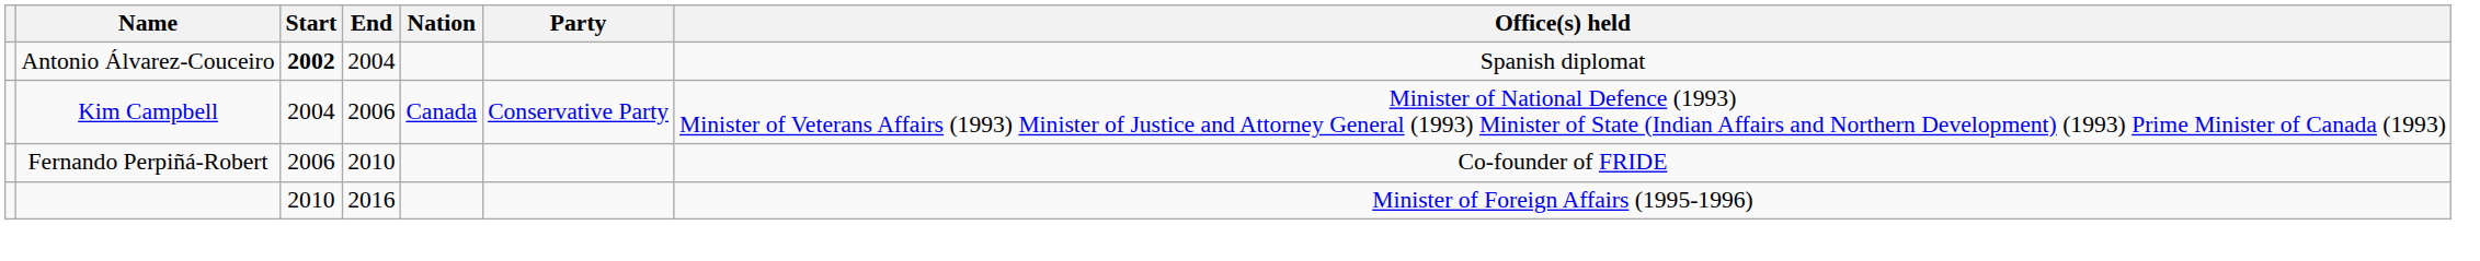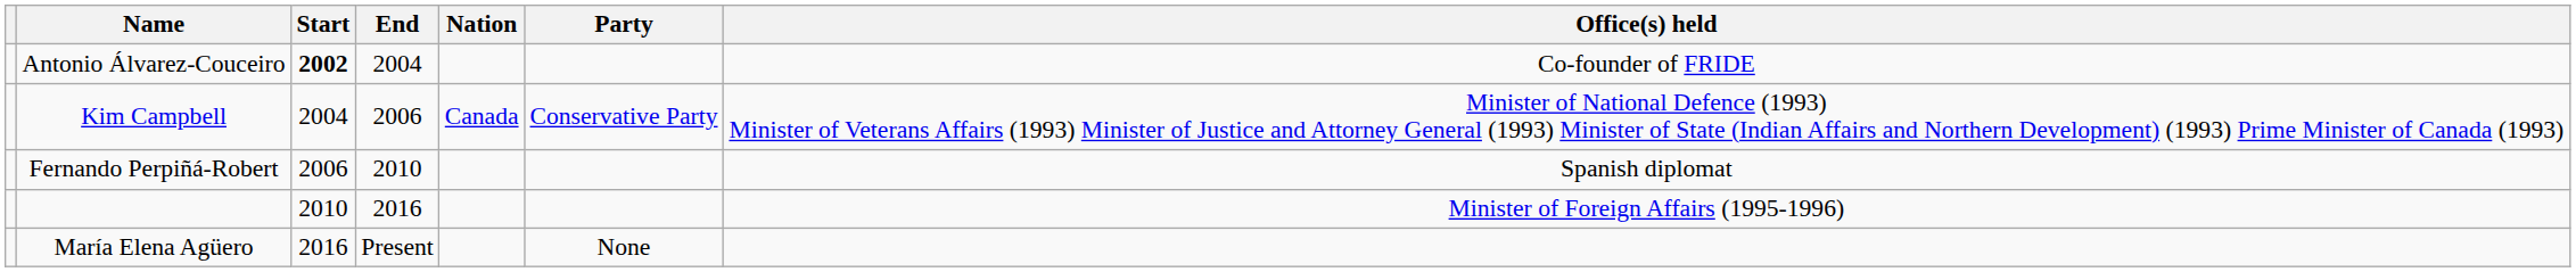 <table class="wikitable sortable" style="text-align:center;">
 <tr>
 <th class="unsortable"></th>
 <th>Name</th>
 <th>Start</th>
 <th>End</th>
 <th>Nation</th>
 <th>Party</th>
 <th>Office(s) held</th>
 </tr>
 <tr>
 <td></td>
 <td>Antonio Álvarez-Couceiro</td>
 <td><strong>2002</strong></td>
 <td>2004</td>
 <td></td>
 <td></td>
-<td>Spanish diplomat</td>
+<td>Co-founder of <a href='#'>FRIDE</a></td>
 </tr>
 <tr>
 <td></td>
 <td><a href='#'>Kim Campbell</a></td>
 <td>2004</td>
 <td>2006</td>
 <td><a href='#'>Canada</a></td>
 <td><a href='#'>Conservative Party</a></td>
 <td><a href='#'>Minister of National Defence</a> (1993)<br><a href='#'>Minister of Veterans Affairs</a> (1993) <a href='#'>Minister of Justice and Attorney General</a> (1993) <a href='#'>Minister of State (Indian Affairs and Northern Development)</a> (1993) <a href='#'>Prime Minister of Canada</a> (1993)</td>
 </tr>
 <tr>
 <td></td>
 <td>Fernando Perpiñá-Robert</td>
 <td>2006</td>
 <td>2010</td>
 <td></td>
 <td></td>
-<td>Co-founder of <a href='#'>FRIDE</a></td>
+<td>Spanish diplomat</td>
 </tr>
 <tr>
 <td></td>
 <td></td>
 <td>2010</td>
 <td>2016</td>
 <td></td>
 <td></td>
 <td><a href='#'>Minister of Foreign Affairs</a> (1995-1996)</td>
 </tr>
+<tr>
+<td></td>
+<td>María Elena Agüero</td>
+<td>2016</td>
+<td>Present</td>
+<td></td>
+<td>None</td>
+<td></td>
+</tr>
 </table>
